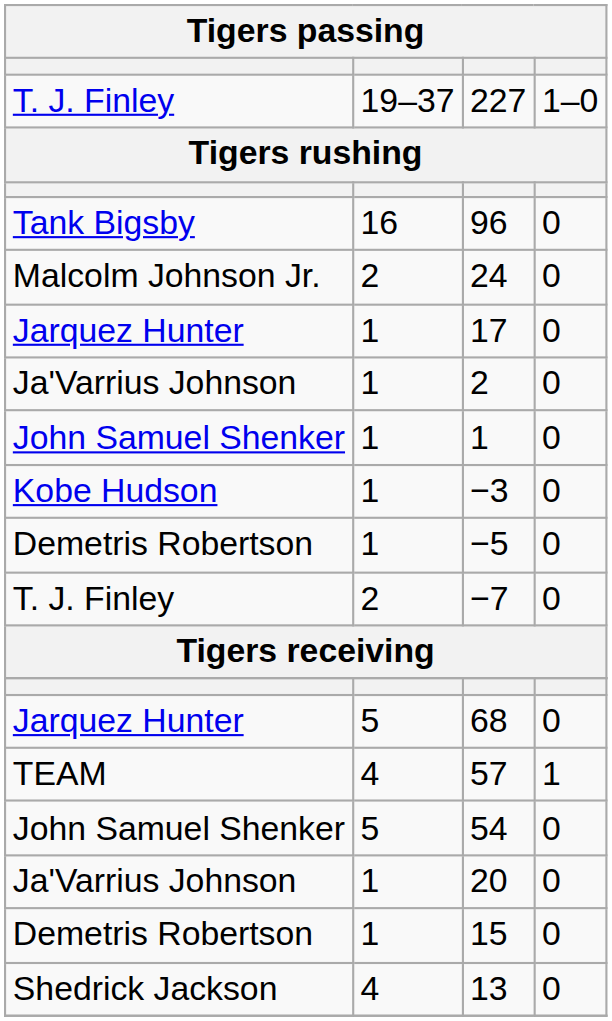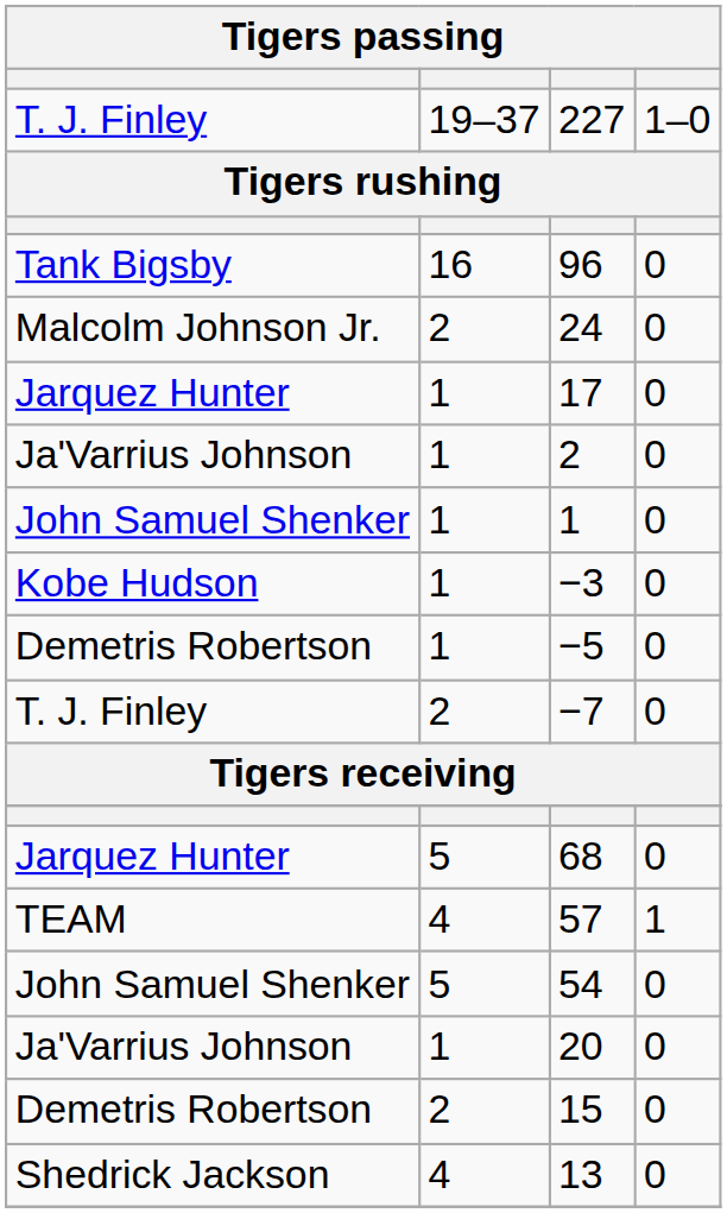 <table class="wikitable plainrowheaders">
 <tr>
 <th colspan="6">Tigers passing</th>
 </tr>
 <tr>
 <th scope="col"></th>
 <th scope="col"></th>
 <th scope="col"></th>
 <th scope="col"></th>
 </tr>
 <tr>
 <td><a href='#'>T. J. Finley</a></td>
 <td>19–37</td>
 <td>227</td>
 <td>1–0</td>
 </tr>
 <tr>
 <th colspan="6">Tigers rushing</th>
 </tr>
 <tr>
 <th scope="col"></th>
 <th scope="col"></th>
 <th scope="col"></th>
 <th scope="col"></th>
 </tr>
 <tr>
 <td><a href='#'>Tank Bigsby</a></td>
 <td>16</td>
 <td>96</td>
 <td>0</td>
 </tr>
 <tr>
 <td>Malcolm Johnson Jr.</td>
 <td>2</td>
 <td>24</td>
 <td>0</td>
 </tr>
 <tr>
 <td><a href='#'>Jarquez Hunter</a></td>
 <td>1</td>
 <td>17</td>
 <td>0</td>
 </tr>
 <tr>
 <td>Ja'Varrius Johnson</td>
 <td>1</td>
 <td>2</td>
 <td>0</td>
 </tr>
 <tr>
 <td><a href='#'>John Samuel Shenker</a></td>
 <td>1</td>
 <td>1</td>
 <td>0</td>
 </tr>
 <tr>
 <td><a href='#'>Kobe Hudson</a></td>
 <td>1</td>
 <td>−3</td>
 <td>0</td>
 </tr>
 <tr>
 <td>Demetris Robertson</td>
 <td>1</td>
 <td>−5</td>
 <td>0</td>
 </tr>
 <tr>
 <td>T. J. Finley</td>
 <td>2</td>
 <td>−7</td>
 <td>0</td>
 </tr>
 <tr>
 <th colspan="6">Tigers receiving</th>
 </tr>
 <tr>
 </tr>
 <tr>
 <th scope="col"></th>
 <th scope="col"></th>
 <th scope="col"></th>
 <th scope="col"></th>
 </tr>
 <tr>
 <td><a href='#'>Jarquez Hunter</a></td>
 <td>5</td>
 <td>68</td>
 <td>0</td>
 </tr>
 <tr>
 <td>TEAM</td>
 <td>4</td>
 <td>57</td>
 <td>1</td>
 </tr>
 <tr>
 <td>John Samuel Shenker</td>
 <td>5</td>
 <td>54</td>
 <td>0</td>
 </tr>
 <tr>
 <td>Ja'Varrius Johnson</td>
 <td>1</td>
 <td>20</td>
 <td>0</td>
 </tr>
 <tr>
 <td>Demetris Robertson</td>
-<td>1</td>
+<td>2</td>
 <td>15</td>
 <td>0</td>
 </tr>
 <tr>
 <td>Shedrick Jackson</td>
 <td>4</td>
 <td>13</td>
 <td>0</td>
 </tr>
 <tr>
 </tr>
 </table>
